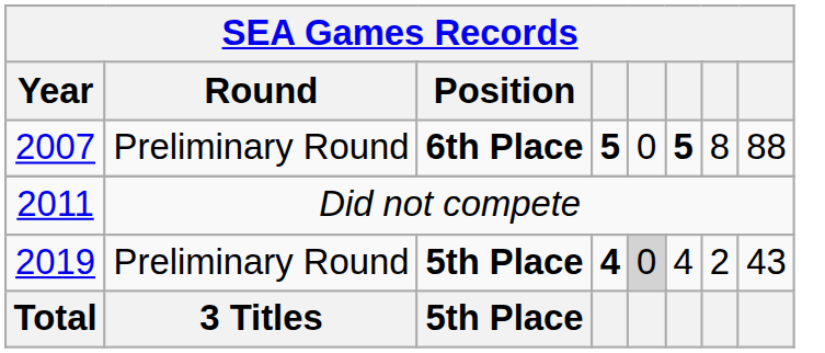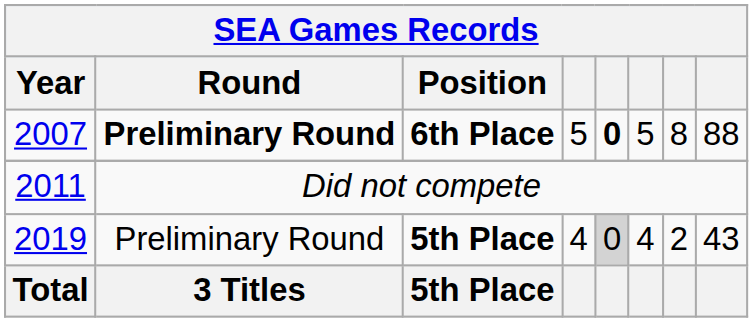 <table class="wikitable" style="text-align: center;">
 <tr bgcolor=#9acdff>
 <th colspan=9><a href='#'>SEA Games Records</a></th>
 </tr>
 <tr>
 <th>Year</th>
 <th>Round</th>
 <th>Position</th>
 <th></th>
 <th></th>
 <th></th>
 <th></th>
 <th></th>
 </tr>
 <tr>
 <td> <a href='#'>2007</a></td>
-<td>Preliminary Round</td>
+<td><strong>Preliminary Round</strong></td>
 <td><strong>6th Place</strong></td>
-<td><strong>5</strong></td>
-<td>0</td>
-<td><strong>5</strong></td>
+<td>5</td>
+<td><strong>0</strong></td>
+<td>5</td>
 <td>8</td>
 <td>88</td>
 </tr>
 <tr>
 </tr>
 <tr>
 <td> <a href='#'>2011</a></td>
 <td colspan=7><em>Did not compete</em></td>
 </tr>
 <tr>
 <td> <a href='#'>2019</a></td>
 <td>Preliminary Round</td>
 <td><strong>5th Place</strong></td>
-<td><strong>4</strong></td>
+<td>4</td>
 <td style="background: lightgrey;">0</td>
 <td>4</td>
 <td>2</td>
 <td>43</td>
 </tr>
 <tr>
 <th>Total</th>
 <th>3 Titles</th>
 <th><strong>5th Place</strong></th>
 <th></th>
 <th></th>
 <th></th>
 <th></th>
 <th></th>
 </tr>
 </table>
